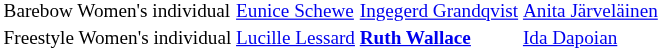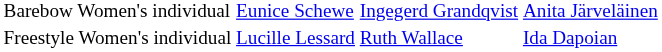 <table>
 <tr>
 <td>Barebow Women's individual<br></td>
 <td> <a href='#'>Eunice Schewe</a></td>
 <td> <a href='#'>Ingegerd Grandqvist</a></td>
 <td> <a href='#'>Anita Järveläinen</a></td>
 </tr>
 <tr>
 <td>Freestyle Women's individual<br></td>
 <td> <a href='#'>Lucille Lessard</a></td>
-<td><strong> <a href='#'>Ruth Wallace</a></strong></td>
+<td> <a href='#'>Ruth Wallace</a></td>
 <td> <a href='#'>Ida Dapoian</a></td>
 </tr>
 </table>
